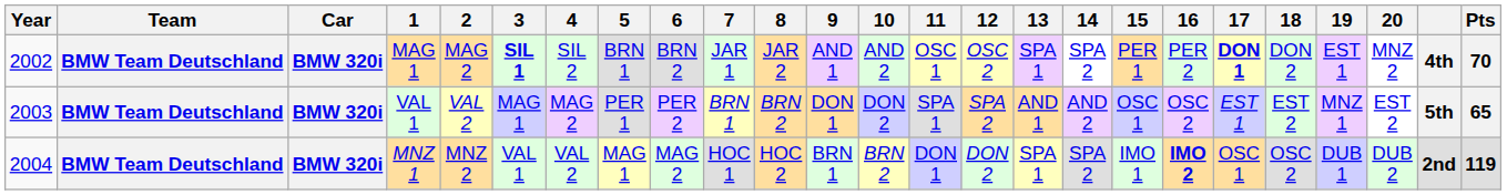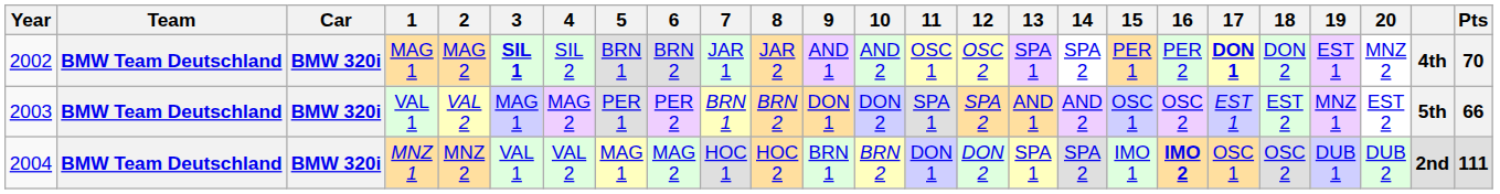 <table class="wikitable" style="text-align:center; font-size:85%">
 <tr>
 <th>Year</th>
 <th>Team</th>
 <th>Car</th>
 <th>1</th>
 <th>2</th>
 <th>3</th>
 <th>4</th>
 <th>5</th>
 <th>6</th>
 <th>7</th>
 <th>8</th>
 <th>9</th>
 <th>10</th>
 <th>11</th>
 <th>12</th>
 <th>13</th>
 <th>14</th>
 <th>15</th>
 <th>16</th>
 <th>17</th>
 <th>18</th>
 <th>19</th>
 <th>20</th>
 <th></th>
 <th>Pts</th>
 </tr>
 <tr>
 <td><a href='#'>2002</a></td>
 <th><a href='#'>BMW Team Deutschland</a></th>
 <th><a href='#'>BMW 320i</a></th>
 <td style="background:#FFDF9F;"><a href='#'>MAG<br>1</a><br></td>
 <td style="background:#FFDF9F;"><a href='#'>MAG<br>2</a><br></td>
 <td style="background:#DFFFDF;"><strong><a href='#'>SIL<br>1</a><br></strong></td>
 <td style="background:#DFFFDF;"><a href='#'>SIL<br>2</a><br></td>
 <td style="background:#DFDFDF;"><a href='#'>BRN<br>1</a><br></td>
 <td style="background:#DFDFDF;"><a href='#'>BRN<br>2</a><br></td>
 <td style="background:#DFFFDF;"><a href='#'>JAR<br>1</a><br></td>
 <td style="background:#FFDF9F;"><a href='#'>JAR<br>2</a><br></td>
 <td style="background:#EFCFFF;"><a href='#'>AND<br>1</a><br></td>
 <td style="background:#DFFFDF;"><a href='#'>AND<br>2</a><br></td>
 <td style="background:#FFFFBF;"><a href='#'>OSC<br>1</a><br></td>
 <td style="background:#FFFFBF;"><em><a href='#'>OSC<br>2</a></em><br></td>
 <td style="background:#EFCFFF;"><a href='#'>SPA<br>1</a><br></td>
 <td style="background:#FFFFFF;"><a href='#'>SPA<br>2</a><br></td>
 <td style="background:#FFDF9F;"><a href='#'>PER<br>1</a><br></td>
 <td style="background:#DFFFDF;"><a href='#'>PER<br>2</a><br></td>
 <td style="background:#FFFFBF;"><strong><a href='#'>DON<br>1</a></strong><br></td>
 <td style="background:#DFFFDF;"><a href='#'>DON<br>2</a><br></td>
 <td style="background:#EFCFFF;"><a href='#'>EST<br>1</a><br></td>
 <td style="background:#FFFFFF;"><a href='#'>MNZ<br>2</a><br></td>
 <th>4th</th>
 <th>70</th>
 </tr>
 <tr>
 <td><a href='#'>2003</a></td>
 <th><a href='#'>BMW Team Deutschland</a></th>
 <th><a href='#'>BMW 320i</a></th>
 <td style="background:#DFFFDF;"><a href='#'>VAL<br>1</a><br></td>
 <td style="background:#FFFFBF;"><em><a href='#'>VAL<br>2</a></em><br></td>
 <td style="background:#CFCFFF;"><a href='#'>MAG<br>1</a><br></td>
 <td style="background:#EFCFFF;"><a href='#'>MAG<br>2</a><br></td>
 <td style="background:#DFDFDF;"><a href='#'>PER<br>1</a><br></td>
 <td style="background:#EFCFFF;"><a href='#'>PER<br>2</a><br></td>
 <td style="background:#FFFFBF;"><em><a href='#'>BRN<br>1</a></em><br></td>
 <td style="background:#FFDF9F;"><em><a href='#'>BRN<br>2</a></em><br></td>
 <td style="background:#FFDF9F;"><a href='#'>DON<br>1</a><br></td>
 <td style="background:#CFCFFF;"><a href='#'>DON<br>2</a><br></td>
 <td style="background:#DFDFDF;"><a href='#'>SPA<br>1</a><br></td>
 <td style="background:#FFDF9F;"><em><a href='#'>SPA<br>2</a></em><br></td>
 <td style="background:#FFDF9F;"><a href='#'>AND<br>1</a><br></td>
 <td style="background:#EFCFFF;"><a href='#'>AND<br>2</a><br></td>
 <td style="background:#CFCFFF;"><a href='#'>OSC<br>1</a><br></td>
 <td style="background:#EFCFFF;"><a href='#'>OSC<br>2</a><br></td>
 <td style="background:#CFCFFF;"><em><a href='#'>EST<br>1</a></em><br></td>
 <td style="background:#DFFFDF;"><a href='#'>EST<br>2</a><br></td>
 <td style="background:#EFCFFF;"><a href='#'>MNZ<br>1</a><br></td>
 <td style="background:#FFFFFF;"><a href='#'>EST<br>2</a><br></td>
 <th>5th</th>
-<th>65</th>
+<th>66</th>
 </tr>
 <tr>
 <td><a href='#'>2004</a></td>
 <th><a href='#'>BMW Team Deutschland</a></th>
 <th><a href='#'>BMW 320i</a></th>
 <td style="background:#FFDF9F;"><em><a href='#'>MNZ<br>1</a></em><br></td>
 <td style="background:#FFDF9F;"><a href='#'>MNZ<br>2</a><br></td>
 <td style="background:#DFFFDF;"><a href='#'>VAL<br>1</a><br></td>
 <td style="background:#DFFFDF;"><a href='#'>VAL<br>2</a><br></td>
 <td style="background:#FFFFBF;"><a href='#'>MAG<br>1</a><br></td>
 <td style="background:#DFFFDF;"><a href='#'>MAG<br>2</a><br></td>
 <td style="background:#DFDFDF;"><a href='#'>HOC<br>1</a><br></td>
 <td style="background:#FFDF9F;"><a href='#'>HOC<br>2</a><br></td>
 <td style="background:#DFFFDF;"><a href='#'>BRN<br>1</a><br></td>
 <td style="background:#FFFFBF;"><em><a href='#'>BRN<br>2</a></em><br></td>
 <td style="background:#CFCFFF;"><a href='#'>DON<br>1</a><br></td>
 <td style="background:#DFFFDF;"><em><a href='#'>DON<br>2</a></em><br></td>
 <td style="background:#FFFFBF;"><a href='#'>SPA<br>1</a><br></td>
 <td style="background:#DFDFDF;"><a href='#'>SPA<br>2</a><br></td>
 <td style="background:#DFFFDF;"><a href='#'>IMO<br>1</a><br></td>
 <td style="background:#FFDF9F;"><strong><a href='#'>IMO<br>2</a></strong><br></td>
 <td style="background:#FFDF9F;"><a href='#'>OSC<br>1</a><br></td>
 <td style="background:#DFDFDF;"><a href='#'>OSC<br>2</a><br></td>
 <td style="background:#CFCFFF;"><a href='#'>DUB<br>1</a><br></td>
 <td style="background:#DFFFDF;"><a href='#'>DUB<br>2</a><br></td>
 <th style="background:#DFDFDF;">2nd</th>
-<th style="background:#DFDFDF;">119</th>
+<th style="background:#DFDFDF;">111</th>
 </tr>
 </table>
